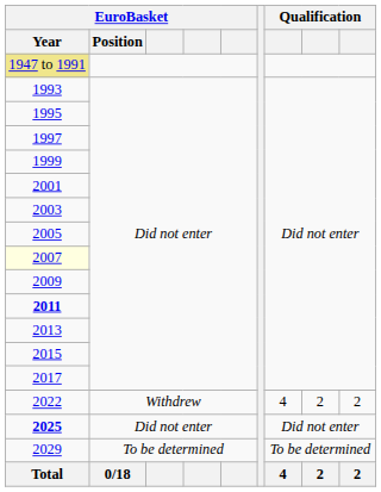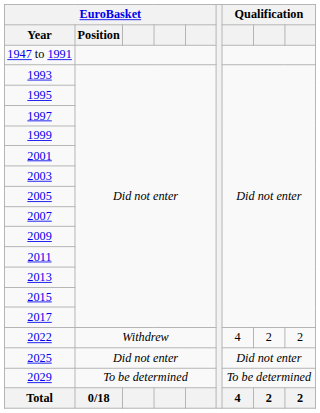 <table class="wikitable" style="text-align: center;font-size:90%;">
 <tr>
 <th colspan=5><a href='#'>EuroBasket</a></th>
 <th rowspan=20></th>
 <th colspan=3>Qualification</th>
 </tr>
 <tr>
 <th>Year</th>
 <th>Position</th>
 <th width=30></th>
 <th width=30></th>
 <th width=30></th>
 <th width=30></th>
 <th width=30></th>
 <th width=30></th>
 </tr>
 <tr>
-<td style="background: khaki;"><a href='#'>1947</a> to <a href='#'>1991</a></td>
+<td><a href='#'>1947</a> to <a href='#'>1991</a></td>
 <td colspan=4></td>
 <td colspan=3></td>
 </tr>
 <tr>
 <td> <a href='#'>1993</a></td>
 <td colspan=4 rowspan=13><em>Did not enter</em></td>
 <td colspan=3 rowspan=13><em>Did not enter</em></td>
 </tr>
 <tr>
 <td> <a href='#'>1995</a></td>
 </tr>
 <tr>
 <td> <a href='#'>1997</a></td>
 </tr>
 <tr>
 <td> <a href='#'>1999</a></td>
 </tr>
 <tr>
 <td> <a href='#'>2001</a></td>
 </tr>
 <tr>
 <td> <a href='#'>2003</a></td>
 </tr>
 <tr>
 <td> <a href='#'>2005</a></td>
 </tr>
 <tr>
-<td style="background: lightyellow;"> <a href='#'>2007</a></td>
+<td> <a href='#'>2007</a></td>
 </tr>
 <tr>
 <td> <a href='#'>2009</a></td>
 </tr>
 <tr>
-<td><strong> <a href='#'>2011</a></strong></td>
+<td> <a href='#'>2011</a></td>
 </tr>
 <tr>
 <td> <a href='#'>2013</a></td>
 </tr>
 <tr>
 <td> <a href='#'>2015</a></td>
 </tr>
 <tr>
 <td> <a href='#'>2017</a></td>
 </tr>
 <tr>
 <td> <a href='#'>2022</a></td>
 <td colspan=4><em>Withdrew</em></td>
 <td>4</td>
 <td>2</td>
 <td>2</td>
 </tr>
 <tr>
-<td><strong> <a href='#'>2025</a></strong></td>
+<td> <a href='#'>2025</a></td>
 <td colspan=4><em>Did not enter</em></td>
 <td colspan=3><em>Did not enter</em></td>
 </tr>
 <tr>
 <td> <a href='#'>2029</a></td>
 <td colspan=4><em>To be determined</em></td>
 <td colspan=3><em>To be determined</em></td>
 </tr>
 <tr>
 <th>Total</th>
 <th>0/18</th>
 <th></th>
 <th></th>
 <th></th>
 <th>4</th>
 <th>2</th>
 <th>2</th>
 </tr>
 </table>
